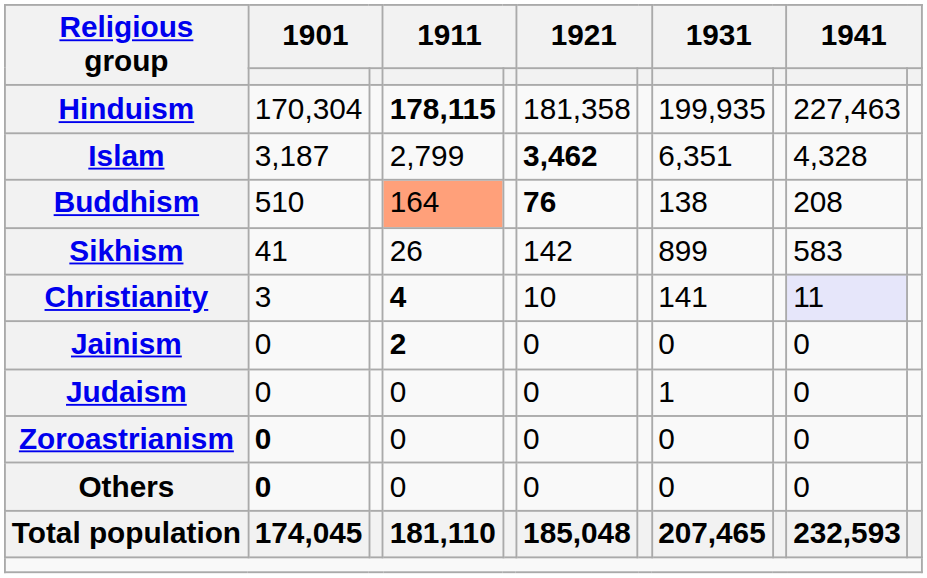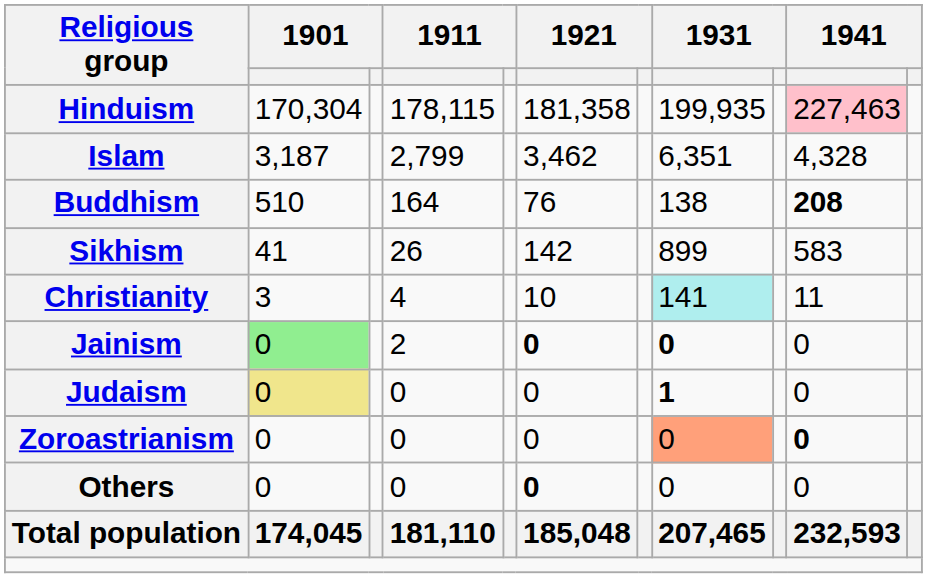 <table class="wikitable sortable">
 <tr>
 <th rowspan="2"><a href='#'>Religious</a><br>group</th>
 <th colspan="2">1901</th>
 <th colspan="2">1911</th>
 <th colspan="2">1921</th>
 <th colspan="2">1931</th>
 <th colspan="2">1941</th>
 </tr>
 <tr>
 <th><a href='#'></a></th>
 <th></th>
 <th></th>
 <th></th>
 <th></th>
 <th></th>
 <th></th>
 <th></th>
 <th></th>
 <th></th>
 </tr>
 <tr>
 <th><a href='#'>Hinduism</a> </th>
 <td>170,304</td>
 <td></td>
-<td><strong>178,115</strong></td>
+<td>178,115</td>
 <td></td>
 <td>181,358</td>
 <td></td>
 <td>199,935</td>
 <td></td>
-<td>227,463</td>
+<td style="background: pink;">227,463</td>
 <td></td>
 </tr>
 <tr>
 <th><a href='#'>Islam</a> </th>
 <td>3,187</td>
 <td></td>
 <td>2,799</td>
 <td></td>
-<td><strong>3,462</strong></td>
+<td>3,462</td>
 <td></td>
 <td>6,351</td>
 <td></td>
 <td>4,328</td>
 <td></td>
 </tr>
 <tr>
 <th><a href='#'>Buddhism</a> </th>
 <td>510</td>
 <td></td>
-<td style="background: lightsalmon;">164</td>
+<td>164</td>
 <td></td>
-<td><strong>76</strong></td>
+<td>76</td>
 <td></td>
 <td>138</td>
 <td></td>
-<td>208</td>
+<td><strong>208</strong></td>
 <td></td>
 </tr>
 <tr>
 <th><a href='#'>Sikhism</a> </th>
 <td>41</td>
 <td></td>
 <td>26</td>
 <td></td>
 <td>142</td>
 <td></td>
 <td>899</td>
 <td></td>
 <td>583</td>
 <td></td>
 </tr>
 <tr>
 <th><a href='#'>Christianity</a> </th>
 <td>3</td>
 <td></td>
-<td><strong>4</strong></td>
+<td>4</td>
 <td></td>
 <td>10</td>
 <td></td>
-<td>141</td>
+<td style="background: paleturquoise;">141</td>
 <td></td>
-<td style="background: lavender;">11</td>
+<td>11</td>
 <td></td>
 </tr>
 <tr>
 <th><a href='#'>Jainism</a> </th>
+<td style="background: lightgreen;">0</td>
+<td></td>
+<td>2</td>
+<td></td>
+<td><strong>0</strong></td>
+<td></td>
+<td><strong>0</strong></td>
+<td></td>
 <td>0</td>
 <td></td>
-<td><strong>2</strong></td>
+</tr>
+<tr>
+<th><a href='#'>Judaism</a> </th>
+<td style="background: khaki;">0</td>
 <td></td>
+<td>0</td>
+<td></td>
+<td>0</td>
+<td></td>
+<td><strong>1</strong></td>
+<td></td>
+<td>0</td>
+<td></td>
+</tr>
+<tr>
+<th><a href='#'>Zoroastrianism</a> </th>
 <td>0</td>
 <td></td>
 <td>0</td>
 <td></td>
 <td>0</td>
 <td></td>
+<td style="background: lightsalmon;">0</td>
+<td></td>
+<td><strong>0</strong></td>
+<td></td>
 </tr>
 <tr>
-<th><a href='#'>Judaism</a> </th>
+<th>Others</th>
 <td>0</td>
 <td></td>
 <td>0</td>
 <td></td>
-<td>0</td>
-<td></td>
-<td>1</td>
-<td></td>
-<td>0</td>
-<td></td>
-</tr>
-<tr>
-<th><a href='#'>Zoroastrianism</a> </th>
 <td><strong>0</strong></td>
-<td></td>
-<td>0</td>
-<td></td>
-<td>0</td>
-<td></td>
-<td>0</td>
-<td></td>
-<td>0</td>
-<td></td>
-</tr>
-<tr>
-<th>Others</th>
-<td><strong>0</strong></td>
-<td></td>
-<td>0</td>
-<td></td>
-<td>0</td>
 <td></td>
 <td>0</td>
 <td></td>
 <td>0</td>
 <td></td>
 </tr>
 <tr>
 <th>Total population</th>
 <th>174,045</th>
 <th></th>
 <th>181,110</th>
 <th></th>
 <th>185,048</th>
 <th></th>
 <th>207,465</th>
 <th></th>
 <th>232,593</th>
 <th></th>
 </tr>
 <tr class="sortbottom">
 <td colspan="11"></td>
 </tr>
 </table>
